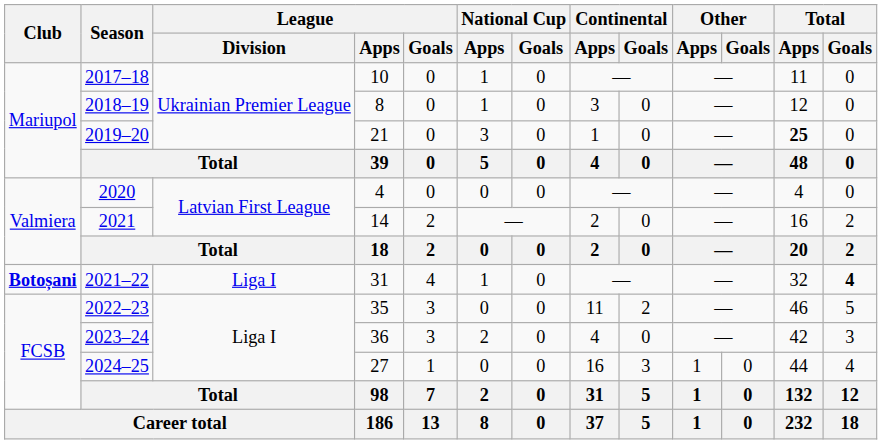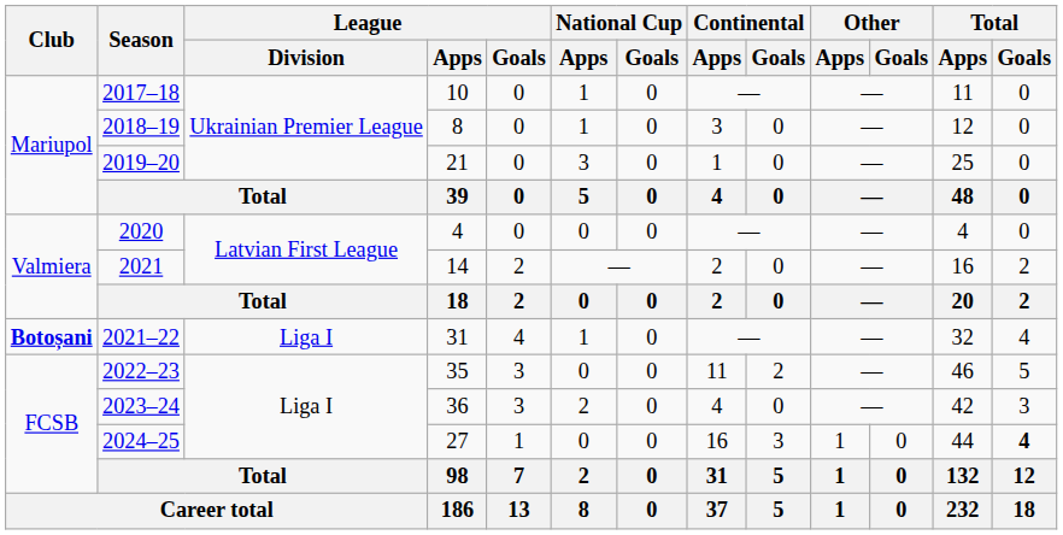 <table class=wikitable style=text-align:center>
 <tr>
 <th rowspan=2>Club</th>
 <th rowspan=2>Season</th>
 <th colspan=3>League</th>
 <th colspan=2>National Cup</th>
 <th colspan=2>Continental</th>
 <th colspan=2>Other</th>
 <th colspan=2>Total</th>
 </tr>
 <tr>
 <th>Division</th>
 <th>Apps</th>
 <th>Goals</th>
 <th>Apps</th>
 <th>Goals</th>
 <th>Apps</th>
 <th>Goals</th>
 <th>Apps</th>
 <th>Goals</th>
 <th>Apps</th>
 <th>Goals</th>
 </tr>
 <tr>
 <td rowspan="4"><a href='#'>Mariupol</a></td>
 <td><a href='#'>2017–18</a></td>
 <td rowspan="3"><a href='#'>Ukrainian Premier League</a></td>
 <td>10</td>
 <td>0</td>
 <td>1</td>
 <td>0</td>
 <td colspan="2">—</td>
 <td colspan="2">—</td>
 <td>11</td>
 <td>0</td>
 </tr>
 <tr>
 <td><a href='#'>2018–19</a></td>
 <td>8</td>
 <td>0</td>
 <td>1</td>
 <td>0</td>
 <td>3</td>
 <td>0</td>
 <td colspan="2">—</td>
 <td>12</td>
 <td>0</td>
 </tr>
 <tr>
 <td><a href='#'>2019–20</a></td>
 <td>21</td>
 <td>0</td>
 <td>3</td>
 <td>0</td>
 <td>1</td>
 <td>0</td>
 <td colspan="2">—</td>
-<td><strong>25</strong></td>
+<td>25</td>
 <td>0</td>
 </tr>
 <tr>
 <th colspan="2">Total</th>
 <th>39</th>
 <th>0</th>
 <th>5</th>
 <th>0</th>
 <th>4</th>
 <th>0</th>
 <th colspan="2">—</th>
 <th>48</th>
 <th>0</th>
 </tr>
 <tr>
 <td rowspan="3"><a href='#'>Valmiera</a></td>
 <td><a href='#'>2020</a></td>
 <td rowspan="2"><a href='#'>Latvian First League</a></td>
 <td>4</td>
 <td>0</td>
 <td>0</td>
 <td>0</td>
 <td colspan="2">—</td>
 <td colspan="2">—</td>
 <td>4</td>
 <td>0</td>
 </tr>
 <tr>
 <td><a href='#'>2021</a></td>
 <td>14</td>
 <td>2</td>
 <td colspan="2">—</td>
 <td>2</td>
 <td>0</td>
 <td colspan="2">—</td>
 <td>16</td>
 <td>2</td>
 </tr>
 <tr>
 <th colspan="2">Total</th>
 <th>18</th>
 <th>2</th>
 <th>0</th>
 <th>0</th>
 <th>2</th>
 <th>0</th>
 <th colspan="2">—</th>
 <th>20</th>
 <th>2</th>
 </tr>
 <tr>
 <td><strong><a href='#'>Botoșani</a></strong></td>
 <td><a href='#'>2021–22</a></td>
 <td><a href='#'>Liga I</a></td>
 <td>31</td>
 <td>4</td>
 <td>1</td>
 <td>0</td>
 <td colspan="2">—</td>
 <td colspan="2">—</td>
 <td>32</td>
-<td><strong>4</strong></td>
+<td>4</td>
 </tr>
 <tr>
 <td rowspan="4"><a href='#'>FCSB</a></td>
 <td><a href='#'>2022–23</a></td>
 <td rowspan="3">Liga I</td>
 <td>35</td>
 <td>3</td>
 <td>0</td>
 <td>0</td>
 <td>11</td>
 <td>2</td>
 <td colspan="2">—</td>
 <td>46</td>
 <td>5</td>
 </tr>
 <tr>
 <td><a href='#'>2023–24</a></td>
 <td>36</td>
 <td>3</td>
 <td>2</td>
 <td>0</td>
 <td>4</td>
 <td>0</td>
 <td colspan="2">—</td>
 <td>42</td>
 <td>3</td>
 </tr>
 <tr>
 <td><a href='#'>2024–25</a></td>
 <td>27</td>
 <td>1</td>
 <td>0</td>
 <td>0</td>
 <td>16</td>
 <td>3</td>
 <td>1</td>
 <td>0</td>
 <td>44</td>
-<td>4</td>
+<td><strong>4</strong></td>
 </tr>
 <tr>
 <th colspan="2">Total</th>
 <th>98</th>
 <th>7</th>
 <th>2</th>
 <th>0</th>
 <th>31</th>
 <th>5</th>
 <th>1</th>
 <th>0</th>
 <th>132</th>
 <th>12</th>
 </tr>
 <tr>
 <th colspan="3">Career total</th>
 <th>186</th>
 <th>13</th>
 <th>8</th>
 <th>0</th>
 <th>37</th>
 <th>5</th>
 <th>1</th>
 <th>0</th>
 <th>232</th>
 <th>18</th>
 </tr>
 </table>
